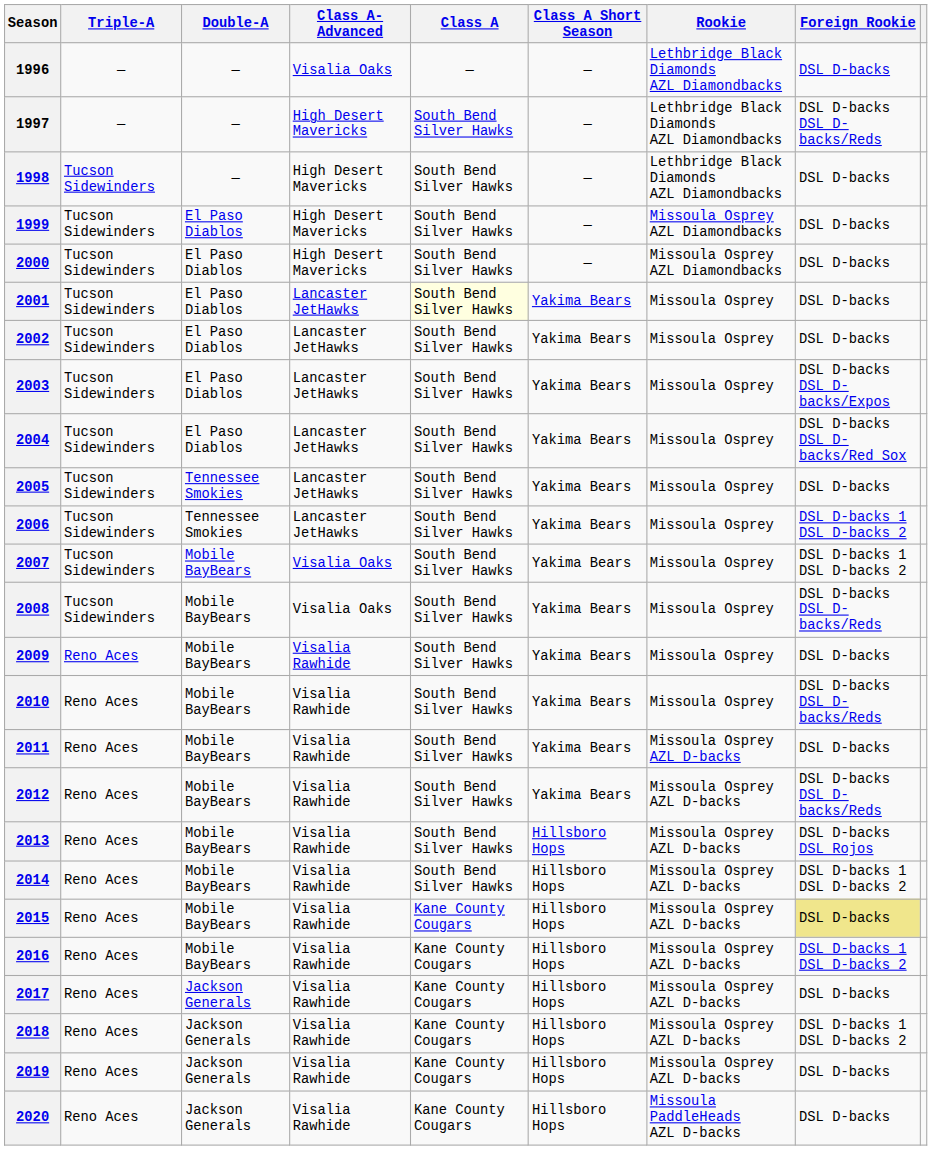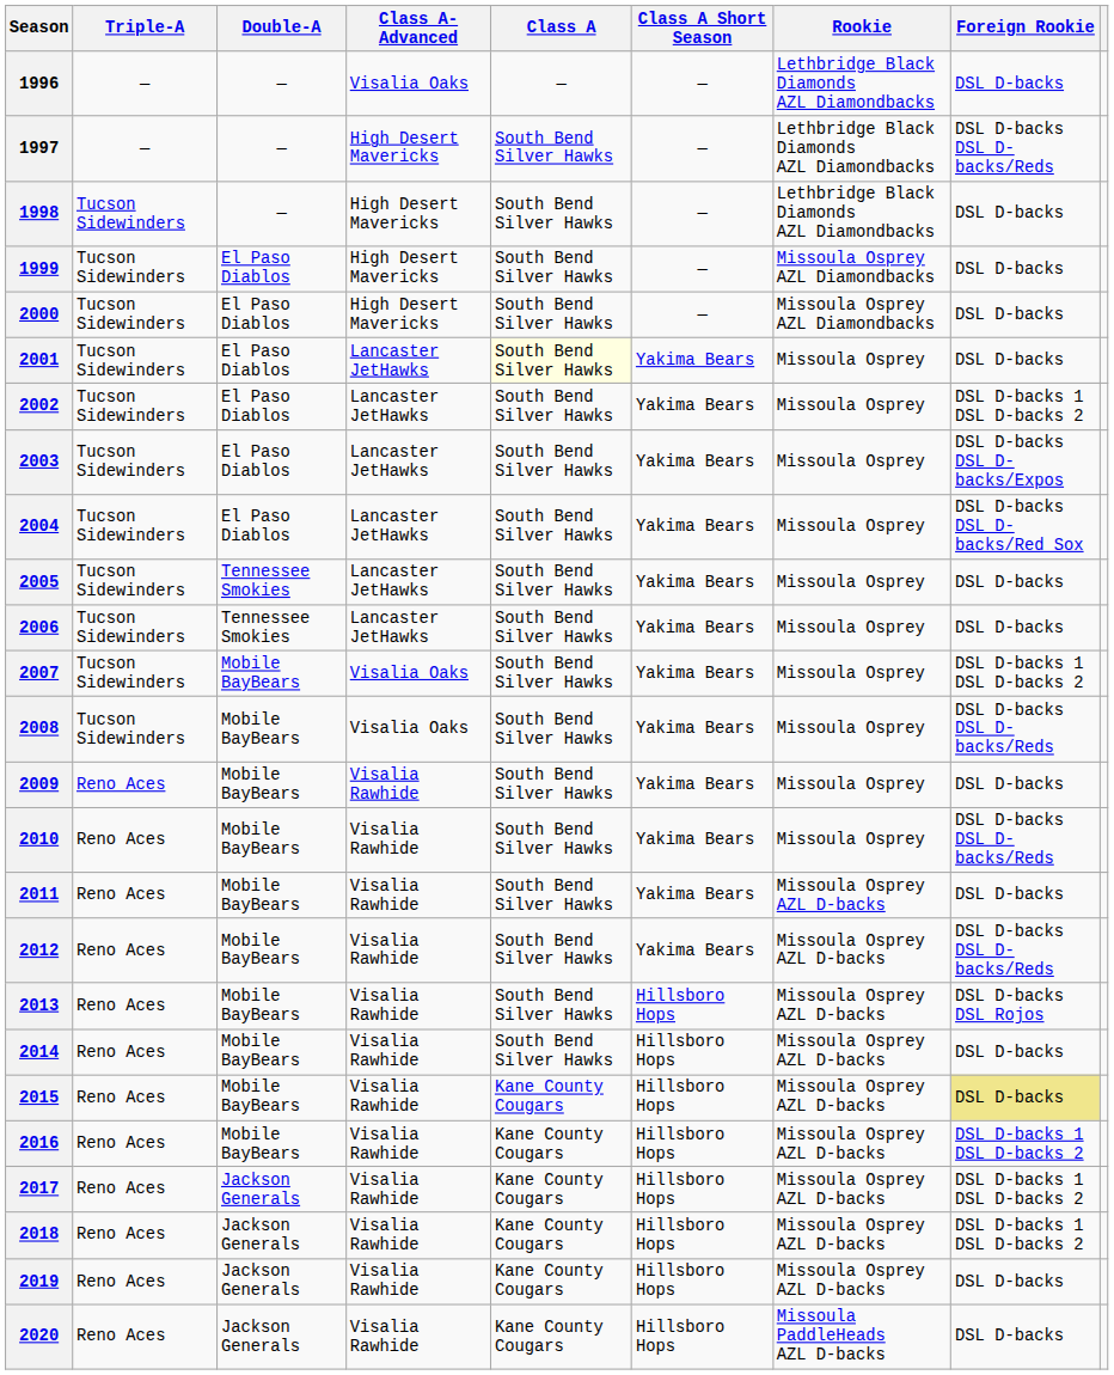 <table class="wikitable plainrowheaders">
 <tr>
 <th scope="col">Season</th>
 <th scope="col"><a href='#'><span>Triple-A</span></a></th>
 <th scope="col"><a href='#'><span>Double-A</span></a></th>
 <th scope="col"><a href='#'><span>Class A-Advanced</span></a></th>
 <th scope="col"><a href='#'><span>Class A</span></a></th>
 <th scope="col"><a href='#'><span>Class A Short Season</span></a></th>
 <th scope="col"><a href='#'><span>Rookie</span></a></th>
 <th scope="col"><a href='#'><span>Foreign Rookie</span></a></th>
 <th scope="col"></th>
 </tr>
 <tr>
 <th scope="row" style="text-align:center">1996</th>
 <td align="center">—</td>
 <td align="center">—</td>
 <td><a href='#'>Visalia Oaks</a></td>
 <td align="center">—</td>
 <td align="center">—</td>
 <td><a href='#'>Lethbridge Black Diamonds</a><br><a href='#'>AZL Diamondbacks</a></td>
 <td><a href='#'>DSL D-backs</a></td>
 <td align="center"></td>
 </tr>
 <tr>
 <th scope="row" style="text-align:center">1997</th>
 <td align="center">—</td>
 <td align="center">—</td>
 <td><a href='#'>High Desert Mavericks</a></td>
 <td><a href='#'>South Bend Silver Hawks</a></td>
 <td align="center">—</td>
 <td>Lethbridge Black Diamonds<br>AZL Diamondbacks</td>
 <td>DSL D-backs<br><a href='#'>DSL D-backs/Reds</a></td>
 <td align="center"></td>
 </tr>
 <tr>
 <th scope="row" style="text-align:center"><a href='#'>1998</a></th>
 <td><a href='#'>Tucson Sidewinders</a></td>
 <td align="center">—</td>
 <td>High Desert Mavericks</td>
 <td>South Bend Silver Hawks</td>
 <td align="center">—</td>
 <td>Lethbridge Black Diamonds<br>AZL Diamondbacks</td>
 <td>DSL D-backs</td>
 <td align="center"></td>
 </tr>
 <tr>
 <th scope="row" style="text-align:center"><a href='#'>1999</a></th>
 <td>Tucson Sidewinders</td>
 <td><a href='#'>El Paso Diablos</a></td>
 <td>High Desert Mavericks</td>
 <td>South Bend Silver Hawks</td>
 <td align="center">—</td>
 <td><a href='#'>Missoula Osprey</a><br>AZL Diamondbacks</td>
 <td>DSL D-backs</td>
 <td align="center"></td>
 </tr>
 <tr>
 <th scope="row" style="text-align:center"><a href='#'>2000</a></th>
 <td>Tucson Sidewinders</td>
 <td>El Paso Diablos</td>
 <td>High Desert Mavericks</td>
 <td>South Bend Silver Hawks</td>
 <td align="center">—</td>
 <td>Missoula Osprey<br>AZL Diamondbacks</td>
 <td>DSL D-backs</td>
 <td align="center"></td>
 </tr>
 <tr>
 <th scope="row" style="text-align:center"><a href='#'>2001</a></th>
 <td>Tucson Sidewinders</td>
 <td>El Paso Diablos</td>
 <td><a href='#'>Lancaster JetHawks</a></td>
 <td style="background: lightyellow;">South Bend Silver Hawks</td>
 <td><a href='#'>Yakima Bears</a></td>
 <td>Missoula Osprey</td>
 <td>DSL D-backs</td>
 <td align="center"></td>
 </tr>
 <tr>
 <th scope="row" style="text-align:center"><a href='#'>2002</a></th>
 <td>Tucson Sidewinders</td>
 <td>El Paso Diablos</td>
 <td>Lancaster JetHawks</td>
 <td>South Bend Silver Hawks</td>
 <td>Yakima Bears</td>
 <td>Missoula Osprey</td>
-<td>DSL D-backs</td>
+<td>DSL D-backs 1<br>DSL D-backs 2</td>
 <td align="center"></td>
 </tr>
 <tr>
 <th scope="row" style="text-align:center"><a href='#'>2003</a></th>
 <td>Tucson Sidewinders</td>
 <td>El Paso Diablos</td>
 <td>Lancaster JetHawks</td>
 <td>South Bend Silver Hawks</td>
 <td>Yakima Bears</td>
 <td>Missoula Osprey</td>
 <td>DSL D-backs<br><a href='#'>DSL D-backs/Expos</a></td>
 <td align="center"></td>
 </tr>
 <tr>
 <th scope="row" style="text-align:center"><a href='#'>2004</a></th>
 <td>Tucson Sidewinders</td>
 <td>El Paso Diablos</td>
 <td>Lancaster JetHawks</td>
 <td>South Bend Silver Hawks</td>
 <td>Yakima Bears</td>
 <td>Missoula Osprey</td>
 <td>DSL D-backs<br><a href='#'>DSL D-backs/Red Sox</a></td>
 <td align="center"></td>
 </tr>
 <tr>
 <th scope="row" style="text-align:center"><a href='#'>2005</a></th>
 <td>Tucson Sidewinders</td>
 <td><a href='#'>Tennessee Smokies</a></td>
 <td>Lancaster JetHawks</td>
 <td>South Bend Silver Hawks</td>
 <td>Yakima Bears</td>
 <td>Missoula Osprey</td>
 <td>DSL D-backs</td>
 <td align="center"></td>
 </tr>
 <tr>
 <th scope="row" style="text-align:center"><a href='#'>2006</a></th>
 <td>Tucson Sidewinders</td>
 <td>Tennessee Smokies</td>
 <td>Lancaster JetHawks</td>
 <td>South Bend Silver Hawks</td>
 <td>Yakima Bears</td>
 <td>Missoula Osprey</td>
-<td><a href='#'>DSL D-backs 1</a><br><a href='#'>DSL D-backs 2</a></td>
+<td>DSL D-backs</td>
 <td align="center"></td>
 </tr>
 <tr>
 <th scope="row" style="text-align:center"><a href='#'>2007</a></th>
 <td>Tucson Sidewinders</td>
 <td><a href='#'>Mobile BayBears</a></td>
 <td><a href='#'>Visalia Oaks</a></td>
 <td>South Bend Silver Hawks</td>
 <td>Yakima Bears</td>
 <td>Missoula Osprey</td>
 <td>DSL D-backs 1<br>DSL D-backs 2</td>
 <td align="center"></td>
 </tr>
 <tr>
 <th scope="row" style="text-align:center"><a href='#'>2008</a></th>
 <td>Tucson Sidewinders</td>
 <td>Mobile BayBears</td>
 <td>Visalia Oaks</td>
 <td>South Bend Silver Hawks</td>
 <td>Yakima Bears</td>
 <td>Missoula Osprey</td>
 <td>DSL D-backs<br><a href='#'>DSL D-backs/Reds</a></td>
 <td align="center"></td>
 </tr>
 <tr>
 <th scope="row" style="text-align:center"><a href='#'>2009</a></th>
 <td><a href='#'>Reno Aces</a></td>
 <td>Mobile BayBears</td>
 <td><a href='#'>Visalia Rawhide</a></td>
 <td>South Bend Silver Hawks</td>
 <td>Yakima Bears</td>
 <td>Missoula Osprey</td>
 <td>DSL D-backs</td>
 <td align="center"></td>
 </tr>
 <tr>
 <th scope="row" style="text-align:center"><a href='#'>2010</a></th>
 <td>Reno Aces</td>
 <td>Mobile BayBears</td>
 <td>Visalia Rawhide</td>
 <td>South Bend Silver Hawks</td>
 <td>Yakima Bears</td>
 <td>Missoula Osprey</td>
 <td>DSL D-backs<br><a href='#'>DSL D-backs/Reds</a></td>
 <td align="center"></td>
 </tr>
 <tr>
 <th scope="row" style="text-align:center"><a href='#'>2011</a></th>
 <td>Reno Aces</td>
 <td>Mobile BayBears</td>
 <td>Visalia Rawhide</td>
 <td>South Bend Silver Hawks</td>
 <td>Yakima Bears</td>
 <td>Missoula Osprey<br><a href='#'>AZL D-backs</a></td>
 <td>DSL D-backs</td>
 <td align="center"></td>
 </tr>
 <tr>
 <th scope="row" style="text-align:center"><a href='#'>2012</a></th>
 <td>Reno Aces</td>
 <td>Mobile BayBears</td>
 <td>Visalia Rawhide</td>
 <td>South Bend Silver Hawks</td>
 <td>Yakima Bears</td>
 <td>Missoula Osprey<br>AZL D-backs</td>
 <td>DSL D-backs<br><a href='#'>DSL D-backs/Reds</a></td>
 <td align="center"></td>
 </tr>
 <tr>
 <th scope="row" style="text-align:center"><a href='#'>2013</a></th>
 <td>Reno Aces</td>
 <td>Mobile BayBears</td>
 <td>Visalia Rawhide</td>
 <td>South Bend Silver Hawks</td>
 <td><a href='#'>Hillsboro Hops</a></td>
 <td>Missoula Osprey<br>AZL D-backs</td>
 <td>DSL D-backs<br><a href='#'>DSL Rojos</a></td>
 <td align="center"></td>
 </tr>
 <tr>
 <th scope="row" style="text-align:center"><a href='#'>2014</a></th>
 <td>Reno Aces</td>
 <td>Mobile BayBears</td>
 <td>Visalia Rawhide</td>
 <td>South Bend Silver Hawks</td>
 <td>Hillsboro Hops</td>
 <td>Missoula Osprey<br>AZL D-backs</td>
-<td>DSL D-backs 1<br>DSL D-backs 2</td>
+<td>DSL D-backs</td>
 <td align="center"></td>
 </tr>
 <tr>
 <th scope="row" style="text-align:center"><a href='#'>2015</a></th>
 <td>Reno Aces</td>
 <td>Mobile BayBears</td>
 <td>Visalia Rawhide</td>
 <td><a href='#'>Kane County Cougars</a></td>
 <td>Hillsboro Hops</td>
 <td>Missoula Osprey<br>AZL D-backs</td>
 <td style="background: khaki;">DSL D-backs</td>
 <td align="center"></td>
 </tr>
 <tr>
 <th scope="row" style="text-align:center"><a href='#'>2016</a></th>
 <td>Reno Aces</td>
 <td>Mobile BayBears</td>
 <td>Visalia Rawhide</td>
 <td>Kane County Cougars</td>
 <td>Hillsboro Hops</td>
 <td>Missoula Osprey<br>AZL D-backs</td>
 <td><a href='#'>DSL D-backs 1</a><br><a href='#'>DSL D-backs 2</a></td>
 <td align="center"></td>
 </tr>
 <tr>
 <th scope="row" style="text-align:center"><a href='#'>2017</a></th>
 <td>Reno Aces</td>
 <td><a href='#'>Jackson Generals</a></td>
 <td>Visalia Rawhide</td>
 <td>Kane County Cougars</td>
 <td>Hillsboro Hops</td>
 <td>Missoula Osprey<br>AZL D-backs</td>
-<td>DSL D-backs</td>
+<td>DSL D-backs 1<br>DSL D-backs 2</td>
 <td align="center"></td>
 </tr>
 <tr>
 <th scope="row" style="text-align:center"><a href='#'>2018</a></th>
 <td>Reno Aces</td>
 <td>Jackson Generals</td>
 <td>Visalia Rawhide</td>
 <td>Kane County Cougars</td>
 <td>Hillsboro Hops</td>
 <td>Missoula Osprey<br>AZL D-backs</td>
 <td>DSL D-backs 1<br>DSL D-backs 2</td>
 <td align="center"></td>
 </tr>
 <tr>
 <th scope="row" style="text-align:center"><a href='#'>2019</a></th>
 <td>Reno Aces</td>
 <td>Jackson Generals</td>
 <td>Visalia Rawhide</td>
 <td>Kane County Cougars</td>
 <td>Hillsboro Hops</td>
 <td>Missoula Osprey<br>AZL D-backs</td>
 <td>DSL D-backs</td>
 <td align="center"></td>
 </tr>
 <tr>
 <th scope="row" style="text-align:center"><a href='#'>2020</a></th>
 <td>Reno Aces</td>
 <td>Jackson Generals</td>
 <td>Visalia Rawhide</td>
 <td>Kane County Cougars</td>
 <td>Hillsboro Hops</td>
 <td><a href='#'>Missoula PaddleHeads</a><br>AZL D-backs</td>
 <td>DSL D-backs</td>
 <td align="center"></td>
 </tr>
 </table>
